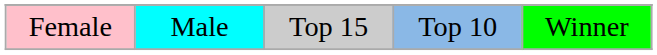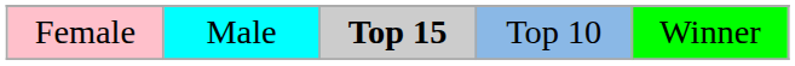 <table class="wikitable" style="margin:1em auto; text-align:center;">
 <tr>
 </tr>
 <tr>
 <td style="background:pink;" width="15%">Female</td>
 <td style="background:cyan;" width="15%">Male</td>
-<td style="background:#CCCCCC;" width="15%">Top 15</td>
+<td style="background:#CCCCCC;" width="15%"><strong>Top 15</strong></td>
 <td style="background:#8AB8E6;" width="15%">Top 10</td>
 <td style="background:lime;" width="15%">Winner</td>
 </tr>
 </table>
